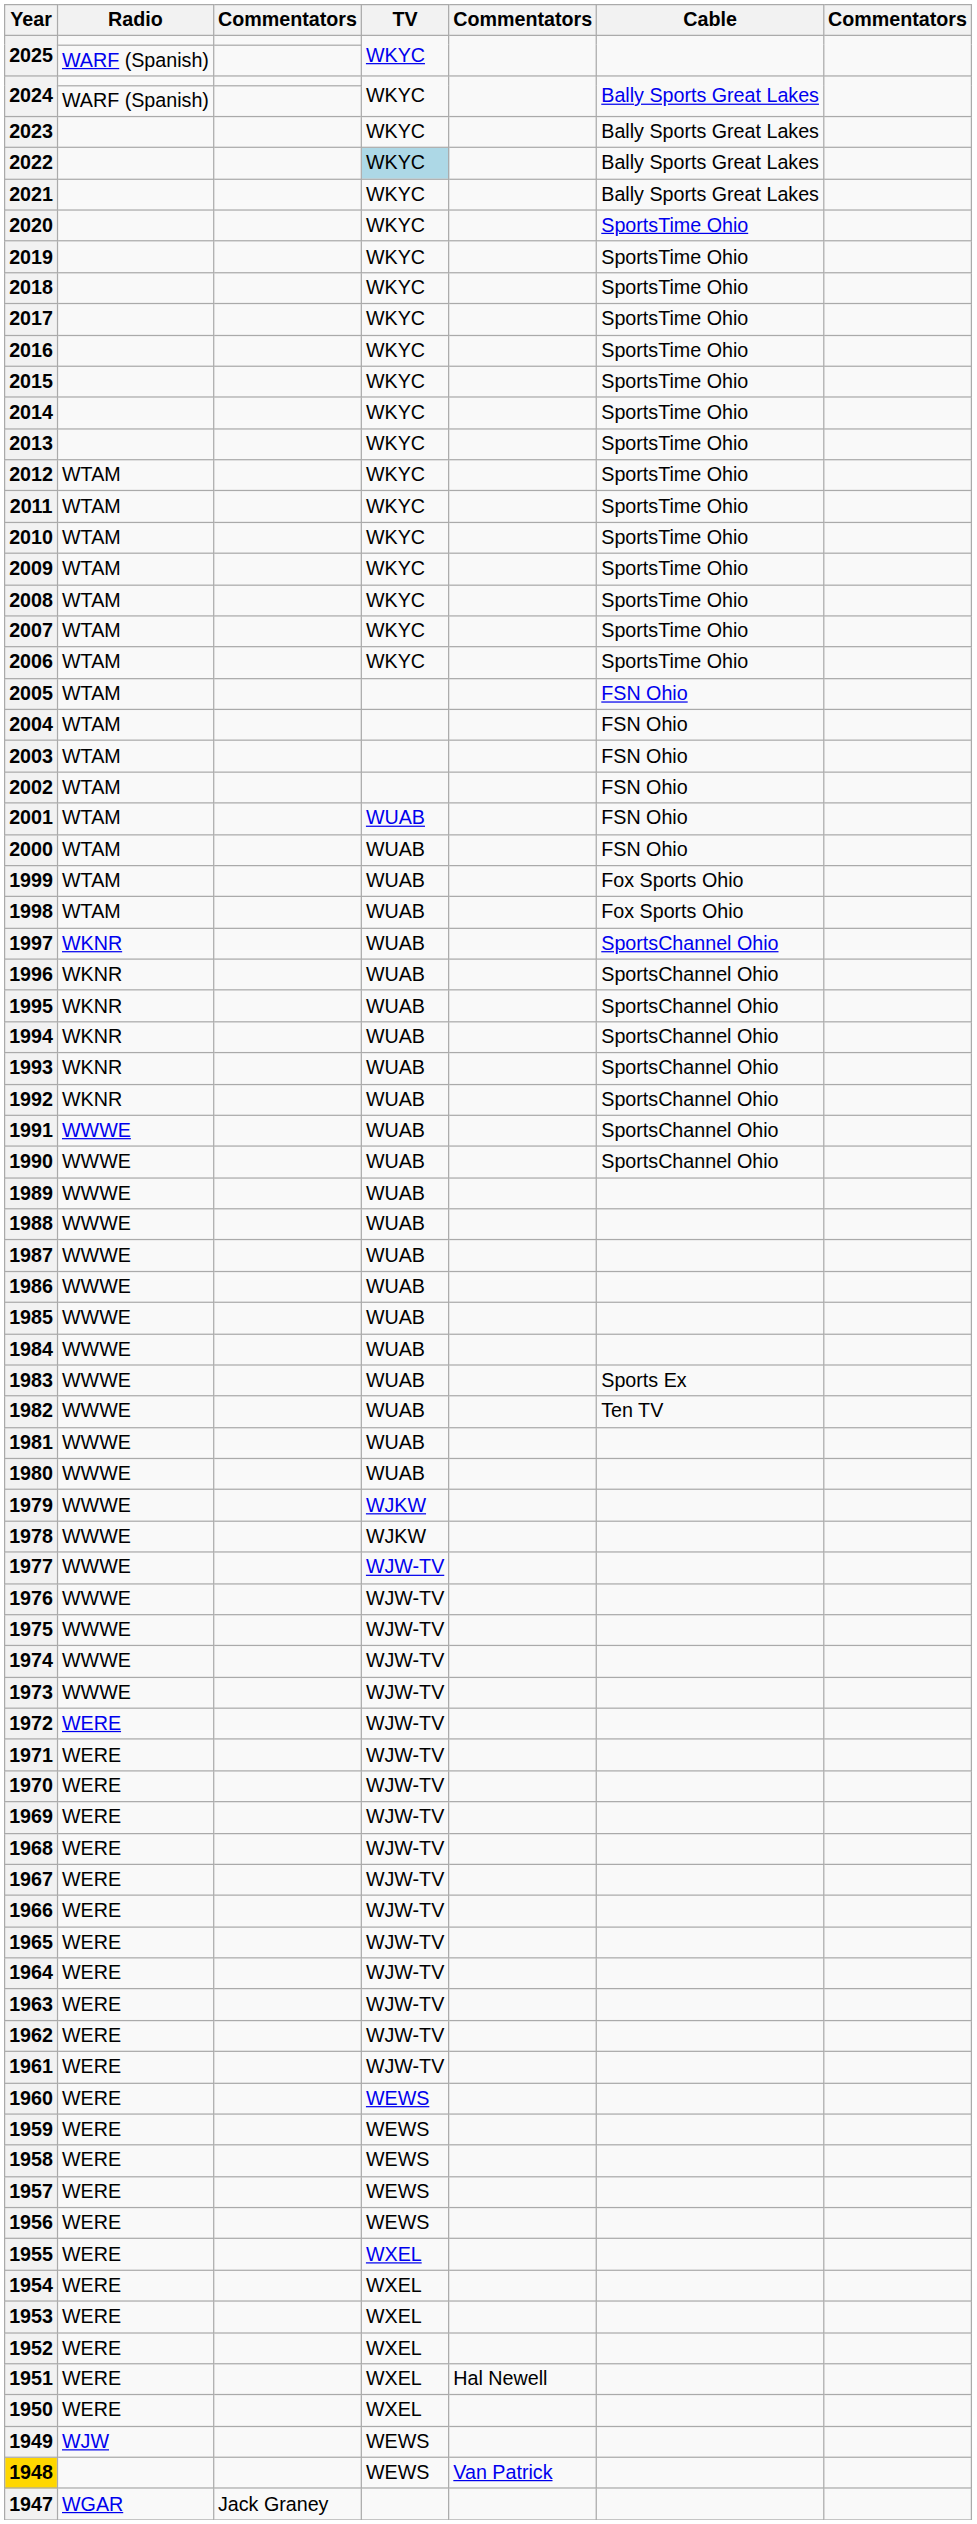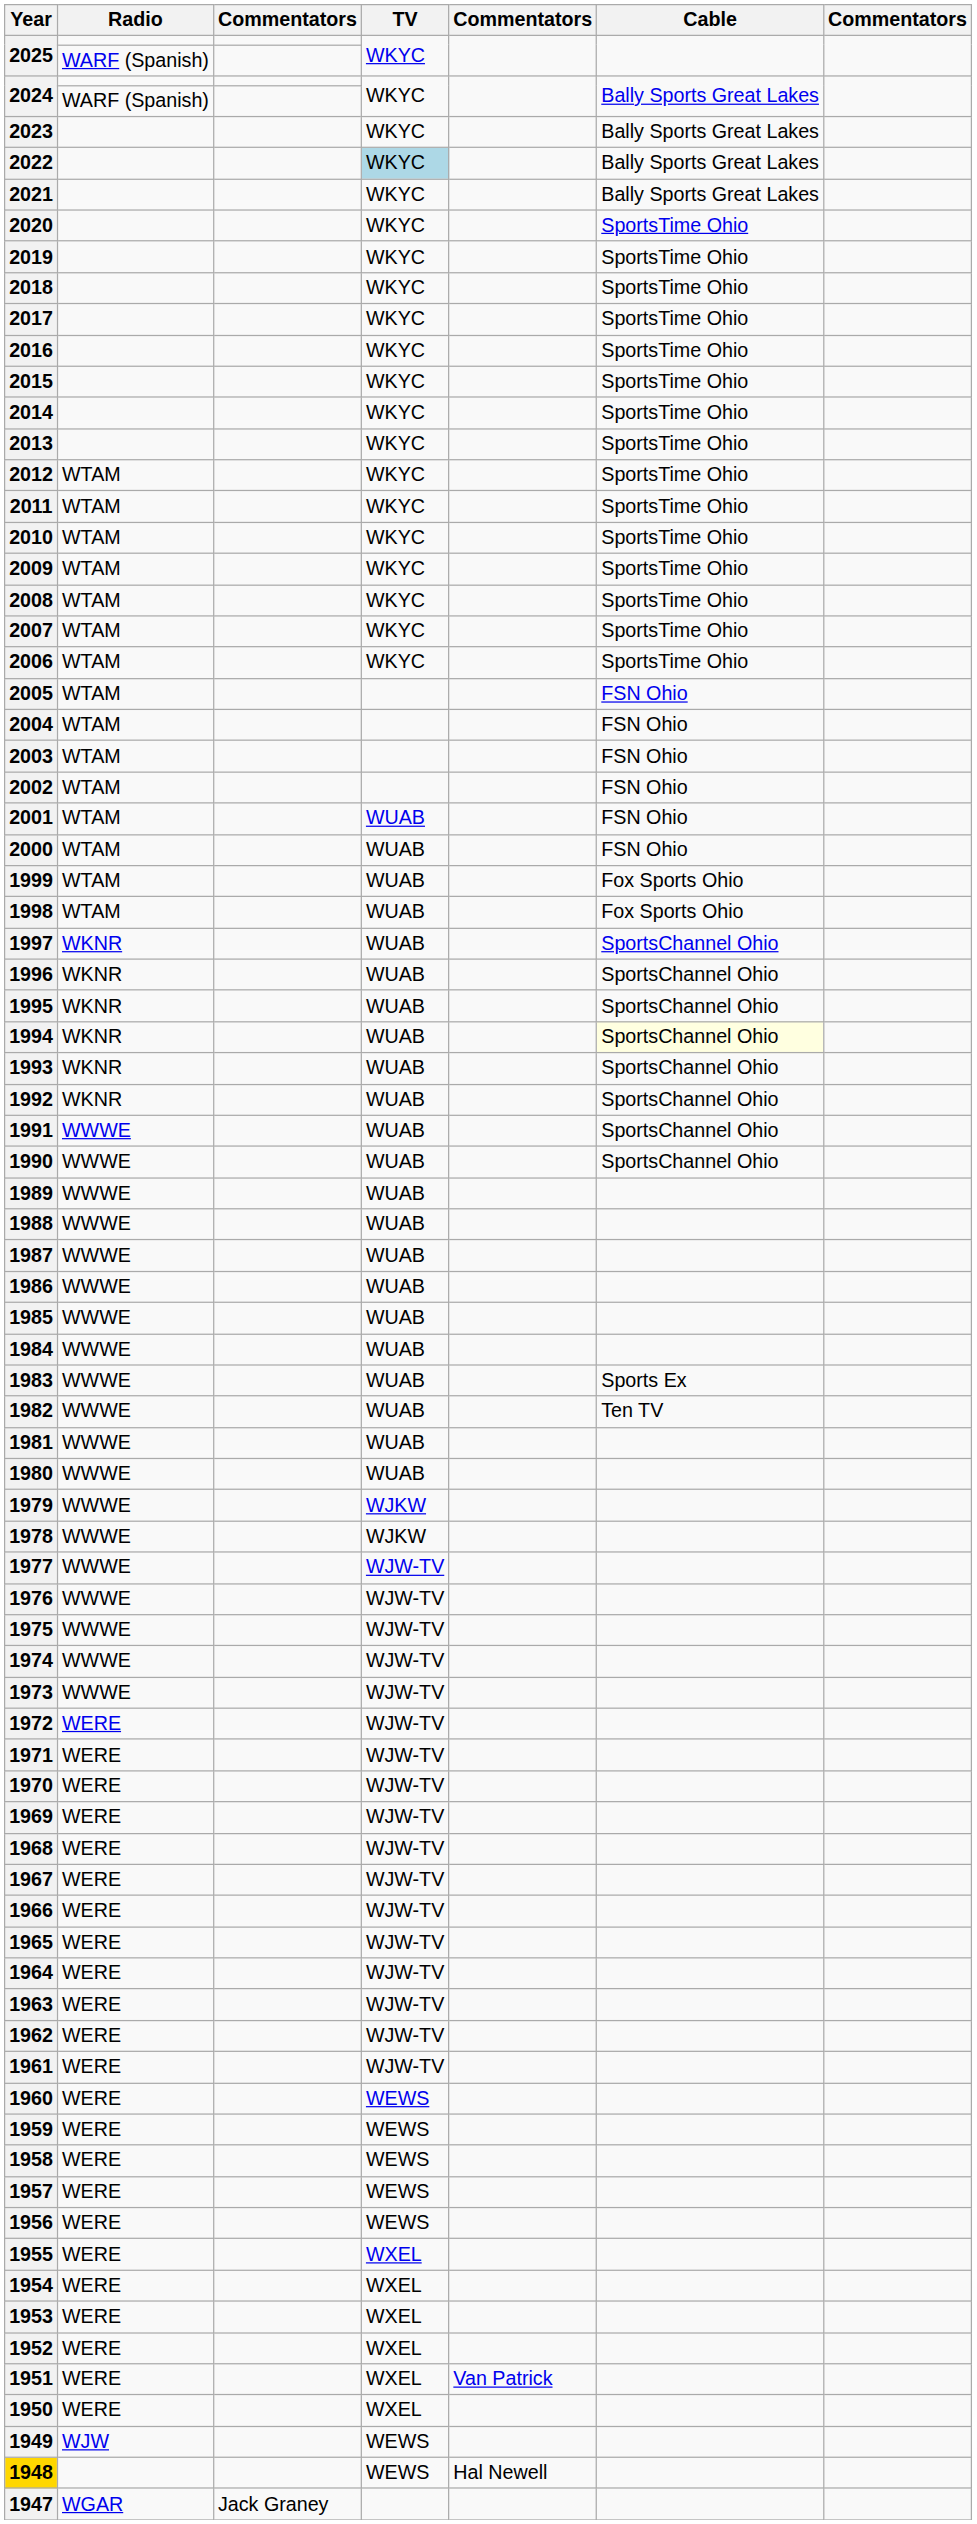 <table class="wikitable">
 <tr>
 <th scope="col">Year</th>
 <th scope="col">Radio</th>
 <th scope="col">Commentators</th>
 <th scope="col">TV</th>
 <th scope="col">Commentators</th>
 <th scope="col">Cable</th>
 <th scope="col">Commentators</th>
 </tr>
 <tr>
 <th rowspan="2" scope = "row">2025</th>
 <td></td>
 <td></td>
 <td rowspan="2"><a href='#'>WKYC</a></td>
 <td rowspan = "2"></td>
 <td rowspan="2"></td>
 <td rowspan="2"></td>
 </tr>
 <tr>
 <td><a href='#'>WARF</a> (Spanish)</td>
 <td></td>
 </tr>
 <tr>
 <th rowspan="2" scope="row">2024</th>
 <td></td>
 <td></td>
 <td rowspan="2">WKYC</td>
 <td rowspan="2"></td>
 <td rowspan="2"><a href='#'>Bally Sports Great Lakes</a></td>
 <td rowspan="2"></td>
 </tr>
 <tr>
 <td>WARF (Spanish)</td>
 <td></td>
 </tr>
 <tr>
 <th scope="row">2023</th>
 <td></td>
 <td></td>
 <td>WKYC</td>
 <td></td>
 <td>Bally Sports Great Lakes</td>
 <td></td>
 </tr>
 <tr>
 <th scope = "row">2022</th>
 <td></td>
 <td></td>
 <td style="background: lightblue;">WKYC</td>
 <td></td>
 <td>Bally Sports Great Lakes</td>
 <td></td>
 </tr>
 <tr>
 <th scope = "row">2021</th>
 <td></td>
 <td></td>
 <td>WKYC</td>
 <td></td>
 <td>Bally Sports Great Lakes</td>
 <td></td>
 </tr>
 <tr>
 <th scope = "row">2020</th>
 <td></td>
 <td></td>
 <td>WKYC</td>
 <td></td>
 <td><a href='#'>SportsTime Ohio</a></td>
 <td></td>
 </tr>
 <tr>
 <th scope = "row">2019</th>
 <td></td>
 <td></td>
 <td>WKYC</td>
 <td></td>
 <td>SportsTime Ohio</td>
 <td></td>
 </tr>
 <tr>
 <th scope = "row">2018</th>
 <td></td>
 <td></td>
 <td>WKYC</td>
 <td></td>
 <td>SportsTime Ohio</td>
 <td></td>
 </tr>
 <tr>
 <th scope = "row">2017</th>
 <td></td>
 <td></td>
 <td>WKYC</td>
 <td></td>
 <td>SportsTime Ohio</td>
 <td></td>
 </tr>
 <tr>
 <th scope = "row">2016</th>
 <td></td>
 <td></td>
 <td>WKYC</td>
 <td></td>
 <td>SportsTime Ohio</td>
 <td></td>
 </tr>
 <tr>
 <th scope = "row">2015</th>
 <td></td>
 <td></td>
 <td>WKYC</td>
 <td></td>
 <td>SportsTime Ohio</td>
 <td></td>
 </tr>
 <tr>
 <th scope = "row">2014</th>
 <td></td>
 <td></td>
 <td>WKYC</td>
 <td></td>
 <td>SportsTime Ohio</td>
 <td></td>
 </tr>
 <tr>
 <th scope = "row">2013</th>
 <td></td>
 <td></td>
 <td>WKYC</td>
 <td></td>
 <td>SportsTime Ohio</td>
 <td></td>
 </tr>
 <tr>
 <th scope = "row">2012</th>
 <td>WTAM</td>
 <td></td>
 <td>WKYC</td>
 <td></td>
 <td>SportsTime Ohio</td>
 <td></td>
 </tr>
 <tr>
 <th scope = "row">2011</th>
 <td>WTAM</td>
 <td></td>
 <td>WKYC</td>
 <td></td>
 <td>SportsTime Ohio</td>
 <td></td>
 </tr>
 <tr>
 <th scope = "row">2010</th>
 <td>WTAM</td>
 <td></td>
 <td>WKYC</td>
 <td></td>
 <td>SportsTime Ohio</td>
 <td></td>
 </tr>
 <tr>
 <th scope = "row">2009</th>
 <td>WTAM</td>
 <td></td>
 <td>WKYC</td>
 <td></td>
 <td>SportsTime Ohio</td>
 <td></td>
 </tr>
 <tr>
 <th scope = "row">2008</th>
 <td>WTAM</td>
 <td></td>
 <td>WKYC</td>
 <td></td>
 <td>SportsTime Ohio</td>
 <td></td>
 </tr>
 <tr>
 <th scope = "row">2007</th>
 <td>WTAM</td>
 <td></td>
 <td>WKYC</td>
 <td></td>
 <td>SportsTime Ohio</td>
 <td></td>
 </tr>
 <tr>
 <th scope = "row">2006</th>
 <td>WTAM</td>
 <td></td>
 <td>WKYC</td>
 <td></td>
 <td>SportsTime Ohio</td>
 <td></td>
 </tr>
 <tr>
 <th scope = "row">2005</th>
 <td>WTAM</td>
 <td></td>
 <td></td>
 <td></td>
 <td><a href='#'>FSN Ohio</a></td>
 <td></td>
 </tr>
 <tr>
 <th scope = "row">2004</th>
 <td>WTAM</td>
 <td></td>
 <td></td>
 <td></td>
 <td>FSN Ohio</td>
 <td></td>
 </tr>
 <tr>
 <th scope = "row">2003</th>
 <td>WTAM</td>
 <td></td>
 <td></td>
 <td></td>
 <td>FSN Ohio</td>
 <td></td>
 </tr>
 <tr>
 <th scope = "row">2002</th>
 <td>WTAM</td>
 <td></td>
 <td></td>
 <td></td>
 <td>FSN Ohio</td>
 <td></td>
 </tr>
 <tr>
 <th scope = "row">2001</th>
 <td>WTAM</td>
 <td></td>
 <td><a href='#'>WUAB</a></td>
 <td></td>
 <td>FSN Ohio</td>
 <td></td>
 </tr>
 <tr>
 <th scope = "row">2000</th>
 <td>WTAM</td>
 <td></td>
 <td>WUAB</td>
 <td></td>
 <td>FSN Ohio</td>
 <td></td>
 </tr>
 <tr>
 <th scope = "row">1999</th>
 <td>WTAM</td>
 <td></td>
 <td>WUAB</td>
 <td></td>
 <td>Fox Sports Ohio</td>
 <td></td>
 </tr>
 <tr>
 <th scope = "row">1998</th>
 <td>WTAM</td>
 <td></td>
 <td>WUAB</td>
 <td></td>
 <td>Fox Sports Ohio</td>
 <td></td>
 </tr>
 <tr>
 <th scope = "row">1997</th>
 <td><a href='#'>WKNR</a></td>
 <td></td>
 <td>WUAB</td>
 <td></td>
 <td><a href='#'>SportsChannel Ohio</a></td>
 <td></td>
 </tr>
 <tr>
 <th scope = "row">1996</th>
 <td>WKNR</td>
 <td></td>
 <td>WUAB</td>
 <td></td>
 <td>SportsChannel Ohio</td>
 <td></td>
 </tr>
 <tr>
 <th scope = "row">1995</th>
 <td>WKNR</td>
 <td></td>
 <td>WUAB</td>
 <td></td>
 <td>SportsChannel Ohio</td>
 <td></td>
 </tr>
 <tr>
 <th scope = "row">1994</th>
 <td>WKNR</td>
 <td></td>
 <td>WUAB</td>
 <td></td>
-<td>SportsChannel Ohio</td>
+<td style="background: lightyellow;">SportsChannel Ohio</td>
 <td></td>
 </tr>
 <tr>
 <th scope = "row">1993</th>
 <td>WKNR</td>
 <td></td>
 <td>WUAB</td>
 <td></td>
 <td>SportsChannel Ohio</td>
 <td></td>
 </tr>
 <tr>
 <th scope = "row">1992</th>
 <td>WKNR</td>
 <td></td>
 <td>WUAB</td>
 <td></td>
 <td>SportsChannel Ohio</td>
 <td></td>
 </tr>
 <tr>
 <th scope = "row">1991</th>
 <td><a href='#'>WWWE</a></td>
 <td></td>
 <td>WUAB</td>
 <td></td>
 <td>SportsChannel Ohio</td>
 <td></td>
 </tr>
 <tr>
 <th scope = "row">1990</th>
 <td>WWWE</td>
 <td></td>
 <td>WUAB</td>
 <td></td>
 <td>SportsChannel Ohio</td>
 <td></td>
 </tr>
 <tr>
 <th scope = "row">1989</th>
 <td>WWWE</td>
 <td></td>
 <td>WUAB</td>
 <td></td>
 <td></td>
 <td></td>
 </tr>
 <tr>
 <th scope = "row">1988</th>
 <td>WWWE</td>
 <td></td>
 <td>WUAB</td>
 <td></td>
 <td></td>
 <td></td>
 </tr>
 <tr>
 <th scope = "row">1987</th>
 <td>WWWE</td>
 <td></td>
 <td>WUAB</td>
 <td></td>
 <td></td>
 <td></td>
 </tr>
 <tr>
 <th scope = "row">1986</th>
 <td>WWWE</td>
 <td></td>
 <td>WUAB</td>
 <td></td>
 <td></td>
 <td></td>
 </tr>
 <tr>
 <th scope = "row">1985</th>
 <td>WWWE</td>
 <td></td>
 <td>WUAB</td>
 <td></td>
 <td></td>
 <td></td>
 </tr>
 <tr>
 <th scope = "row">1984</th>
 <td>WWWE</td>
 <td></td>
 <td>WUAB</td>
 <td></td>
 <td></td>
 <td></td>
 </tr>
 <tr>
 <th scope = "row">1983</th>
 <td>WWWE</td>
 <td></td>
 <td>WUAB</td>
 <td></td>
 <td>Sports Ex</td>
 <td></td>
 </tr>
 <tr>
 <th scope = "row">1982</th>
 <td>WWWE</td>
 <td></td>
 <td>WUAB</td>
 <td></td>
 <td>Ten TV</td>
 <td></td>
 </tr>
 <tr>
 <th scope = "row">1981</th>
 <td>WWWE</td>
 <td></td>
 <td>WUAB</td>
 <td></td>
 <td></td>
 <td></td>
 </tr>
 <tr>
 <th scope = "row">1980</th>
 <td>WWWE</td>
 <td></td>
 <td>WUAB</td>
 <td></td>
 <td></td>
 <td></td>
 </tr>
 <tr>
 <th scope = "row">1979</th>
 <td>WWWE</td>
 <td></td>
 <td><a href='#'>WJKW</a></td>
 <td></td>
 <td></td>
 <td></td>
 </tr>
 <tr>
 <th scope = "row">1978</th>
 <td>WWWE</td>
 <td></td>
 <td>WJKW</td>
 <td></td>
 <td></td>
 <td></td>
 </tr>
 <tr>
 <th scope = "row">1977</th>
 <td>WWWE</td>
 <td></td>
 <td><a href='#'>WJW-TV</a></td>
 <td></td>
 <td></td>
 <td></td>
 </tr>
 <tr>
 <th scope = "row">1976</th>
 <td>WWWE</td>
 <td></td>
 <td>WJW-TV</td>
 <td></td>
 <td></td>
 <td></td>
 </tr>
 <tr>
 <th scope = "row">1975</th>
 <td>WWWE</td>
 <td></td>
 <td>WJW-TV</td>
 <td></td>
 <td></td>
 <td></td>
 </tr>
 <tr>
 <th scope = "row">1974</th>
 <td>WWWE</td>
 <td></td>
 <td>WJW-TV</td>
 <td></td>
 <td></td>
 <td></td>
 </tr>
 <tr>
 <th scope = "row">1973</th>
 <td>WWWE</td>
 <td></td>
 <td>WJW-TV</td>
 <td></td>
 <td></td>
 <td></td>
 </tr>
 <tr>
 <th scope = "row">1972</th>
 <td><a href='#'>WERE</a></td>
 <td></td>
 <td>WJW-TV</td>
 <td></td>
 <td></td>
 <td></td>
 </tr>
 <tr>
 <th scope = "row">1971</th>
 <td>WERE</td>
 <td></td>
 <td>WJW-TV</td>
 <td></td>
 <td></td>
 <td></td>
 </tr>
 <tr>
 <th scope = "row">1970</th>
 <td>WERE</td>
 <td></td>
 <td>WJW-TV</td>
 <td></td>
 <td></td>
 <td></td>
 </tr>
 <tr>
 <th scope = "row">1969</th>
 <td>WERE</td>
 <td></td>
 <td>WJW-TV</td>
 <td></td>
 <td></td>
 <td></td>
 </tr>
 <tr>
 <th scope = "row">1968</th>
 <td>WERE</td>
 <td></td>
 <td>WJW-TV</td>
 <td></td>
 <td></td>
 <td></td>
 </tr>
 <tr>
 <th scope = "row">1967</th>
 <td>WERE</td>
 <td></td>
 <td>WJW-TV</td>
 <td></td>
 <td></td>
 <td></td>
 </tr>
 <tr>
 <th scope = "row">1966</th>
 <td>WERE</td>
 <td></td>
 <td>WJW-TV</td>
 <td></td>
 <td></td>
 <td></td>
 </tr>
 <tr>
 <th scope = "row">1965</th>
 <td>WERE</td>
 <td></td>
 <td>WJW-TV</td>
 <td></td>
 <td></td>
 <td></td>
 </tr>
 <tr>
 <th scope = "row">1964</th>
 <td>WERE</td>
 <td></td>
 <td>WJW-TV</td>
 <td></td>
 <td></td>
 <td></td>
 </tr>
 <tr>
 <th scope = "row">1963</th>
 <td>WERE</td>
 <td></td>
 <td>WJW-TV</td>
 <td></td>
 <td></td>
 <td></td>
 </tr>
 <tr>
 <th scope = "row">1962</th>
 <td>WERE</td>
 <td></td>
 <td>WJW-TV</td>
 <td></td>
 <td></td>
 <td></td>
 </tr>
 <tr>
 <th scope = "row">1961</th>
 <td>WERE</td>
 <td></td>
 <td>WJW-TV</td>
 <td></td>
 <td></td>
 <td></td>
 </tr>
 <tr>
 <th scope = "row">1960</th>
 <td>WERE</td>
 <td></td>
 <td><a href='#'>WEWS</a></td>
 <td></td>
 <td></td>
 <td></td>
 </tr>
 <tr>
 <th scope = "row">1959</th>
 <td>WERE</td>
 <td></td>
 <td>WEWS</td>
 <td></td>
 <td></td>
 <td></td>
 </tr>
 <tr>
 <th scope = "row">1958</th>
 <td>WERE</td>
 <td></td>
 <td>WEWS</td>
 <td></td>
 <td></td>
 <td></td>
 </tr>
 <tr>
 <th scope = "row">1957</th>
 <td>WERE</td>
 <td></td>
 <td>WEWS</td>
 <td></td>
 <td></td>
 <td></td>
 </tr>
 <tr>
 <th scope = "row">1956</th>
 <td>WERE</td>
 <td></td>
 <td>WEWS</td>
 <td></td>
 <td></td>
 <td></td>
 </tr>
 <tr>
 <th scope = "row">1955</th>
 <td>WERE</td>
 <td></td>
 <td><a href='#'>WXEL</a></td>
 <td></td>
 <td></td>
 <td></td>
 </tr>
 <tr>
 <th scope = "row">1954</th>
 <td>WERE</td>
 <td></td>
 <td>WXEL</td>
 <td></td>
 <td></td>
 <td></td>
 </tr>
 <tr>
 <th scope = "row">1953</th>
 <td>WERE</td>
 <td></td>
 <td>WXEL</td>
 <td></td>
 <td></td>
 <td></td>
 </tr>
 <tr>
 <th scope = "row">1952</th>
 <td>WERE</td>
 <td></td>
 <td>WXEL</td>
 <td></td>
 <td></td>
 <td></td>
 </tr>
 <tr>
 <th scope = "row">1951</th>
 <td>WERE</td>
 <td></td>
 <td>WXEL</td>
-<td>Hal Newell</td>
+<td><a href='#'>Van Patrick</a></td>
 <td></td>
 <td></td>
 </tr>
 <tr>
 <th scope = "row">1950</th>
 <td>WERE</td>
 <td></td>
 <td>WXEL</td>
 <td></td>
 <td></td>
 <td></td>
 </tr>
 <tr>
 <th scope = "row">1949</th>
 <td><a href='#'>WJW</a></td>
 <td></td>
 <td>WEWS</td>
 <td></td>
 <td></td>
 <td></td>
 </tr>
 <tr>
 <th scope = "row" style="background:gold">1948</th>
 <td></td>
 <td></td>
 <td>WEWS</td>
-<td><a href='#'>Van Patrick</a></td>
+<td>Hal Newell</td>
 <td></td>
 <td></td>
 </tr>
 <tr>
 <th scope = "row">1947</th>
 <td><a href='#'>WGAR</a></td>
 <td>Jack Graney</td>
 <td></td>
 <td></td>
 <td></td>
 <td></td>
 </tr>
 </table>
